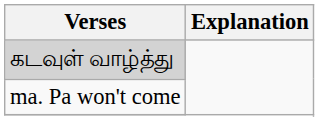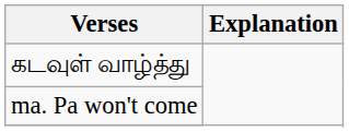 <table class="wikitable">
 <tr>
 <th>Verses</th>
 <th>Explanation</th>
 </tr>
 <tr>
-<td style="background: lightgrey;">கடவுள் வாழ்த்து<br></td>
+<td>கடவுள் வாழ்த்து<br></td>
 </tr>
 <tr>
 <td>ma. Pa won't come <br></td>
 </tr>
 <tr>
 </tr>
 </table>
